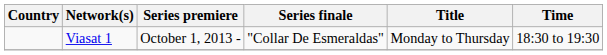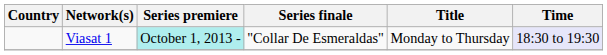 <table class="wikitable">
 <tr>
 <th>Country</th>
 <th>Network(s)</th>
 <th>Series premiere</th>
 <th>Series finale</th>
 <th>Title</th>
 <th>Time</th>
 </tr>
 <tr>
 <td></td>
 <td><a href='#'>Viasat 1</a></td>
-<td>October 1, 2013 -</td>
+<td style="background: paleturquoise;">October 1, 2013 -</td>
 <td>"Collar De Esmeraldas"</td>
 <td>Monday to Thursday</td>
-<td>18:30 to 19:30</td>
+<td style="background: lavender;">18:30 to 19:30</td>
 </tr>
 <tr>
 </tr>
 </table>
